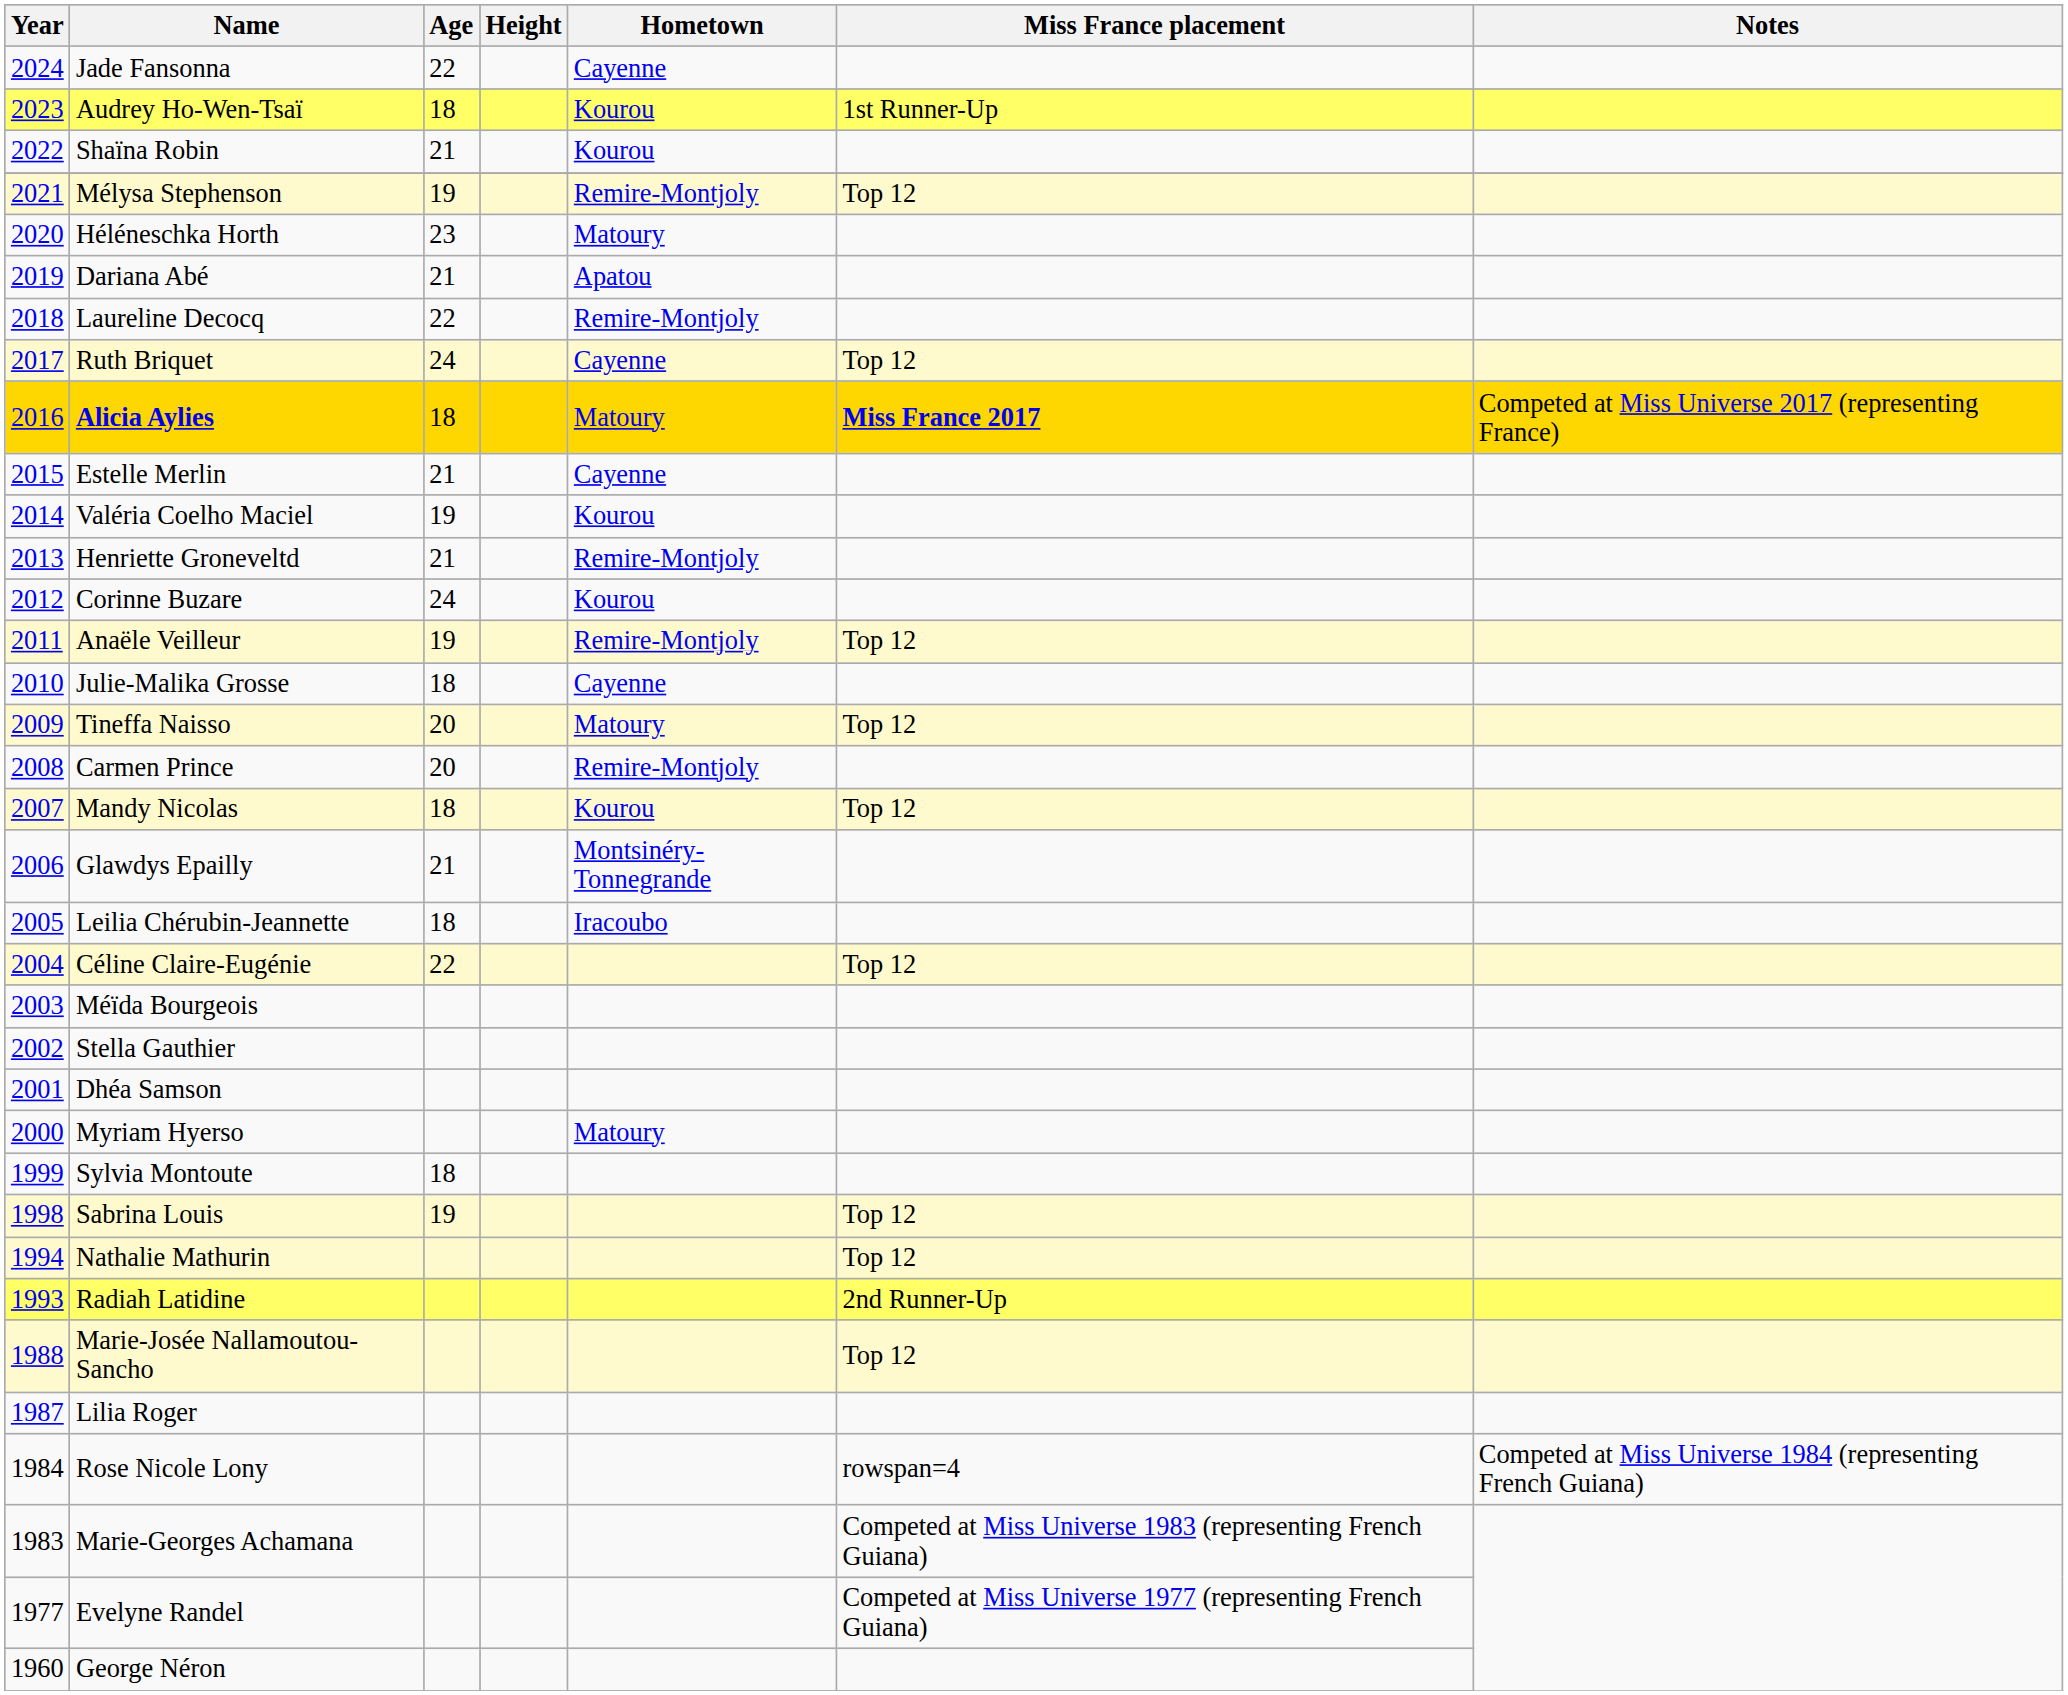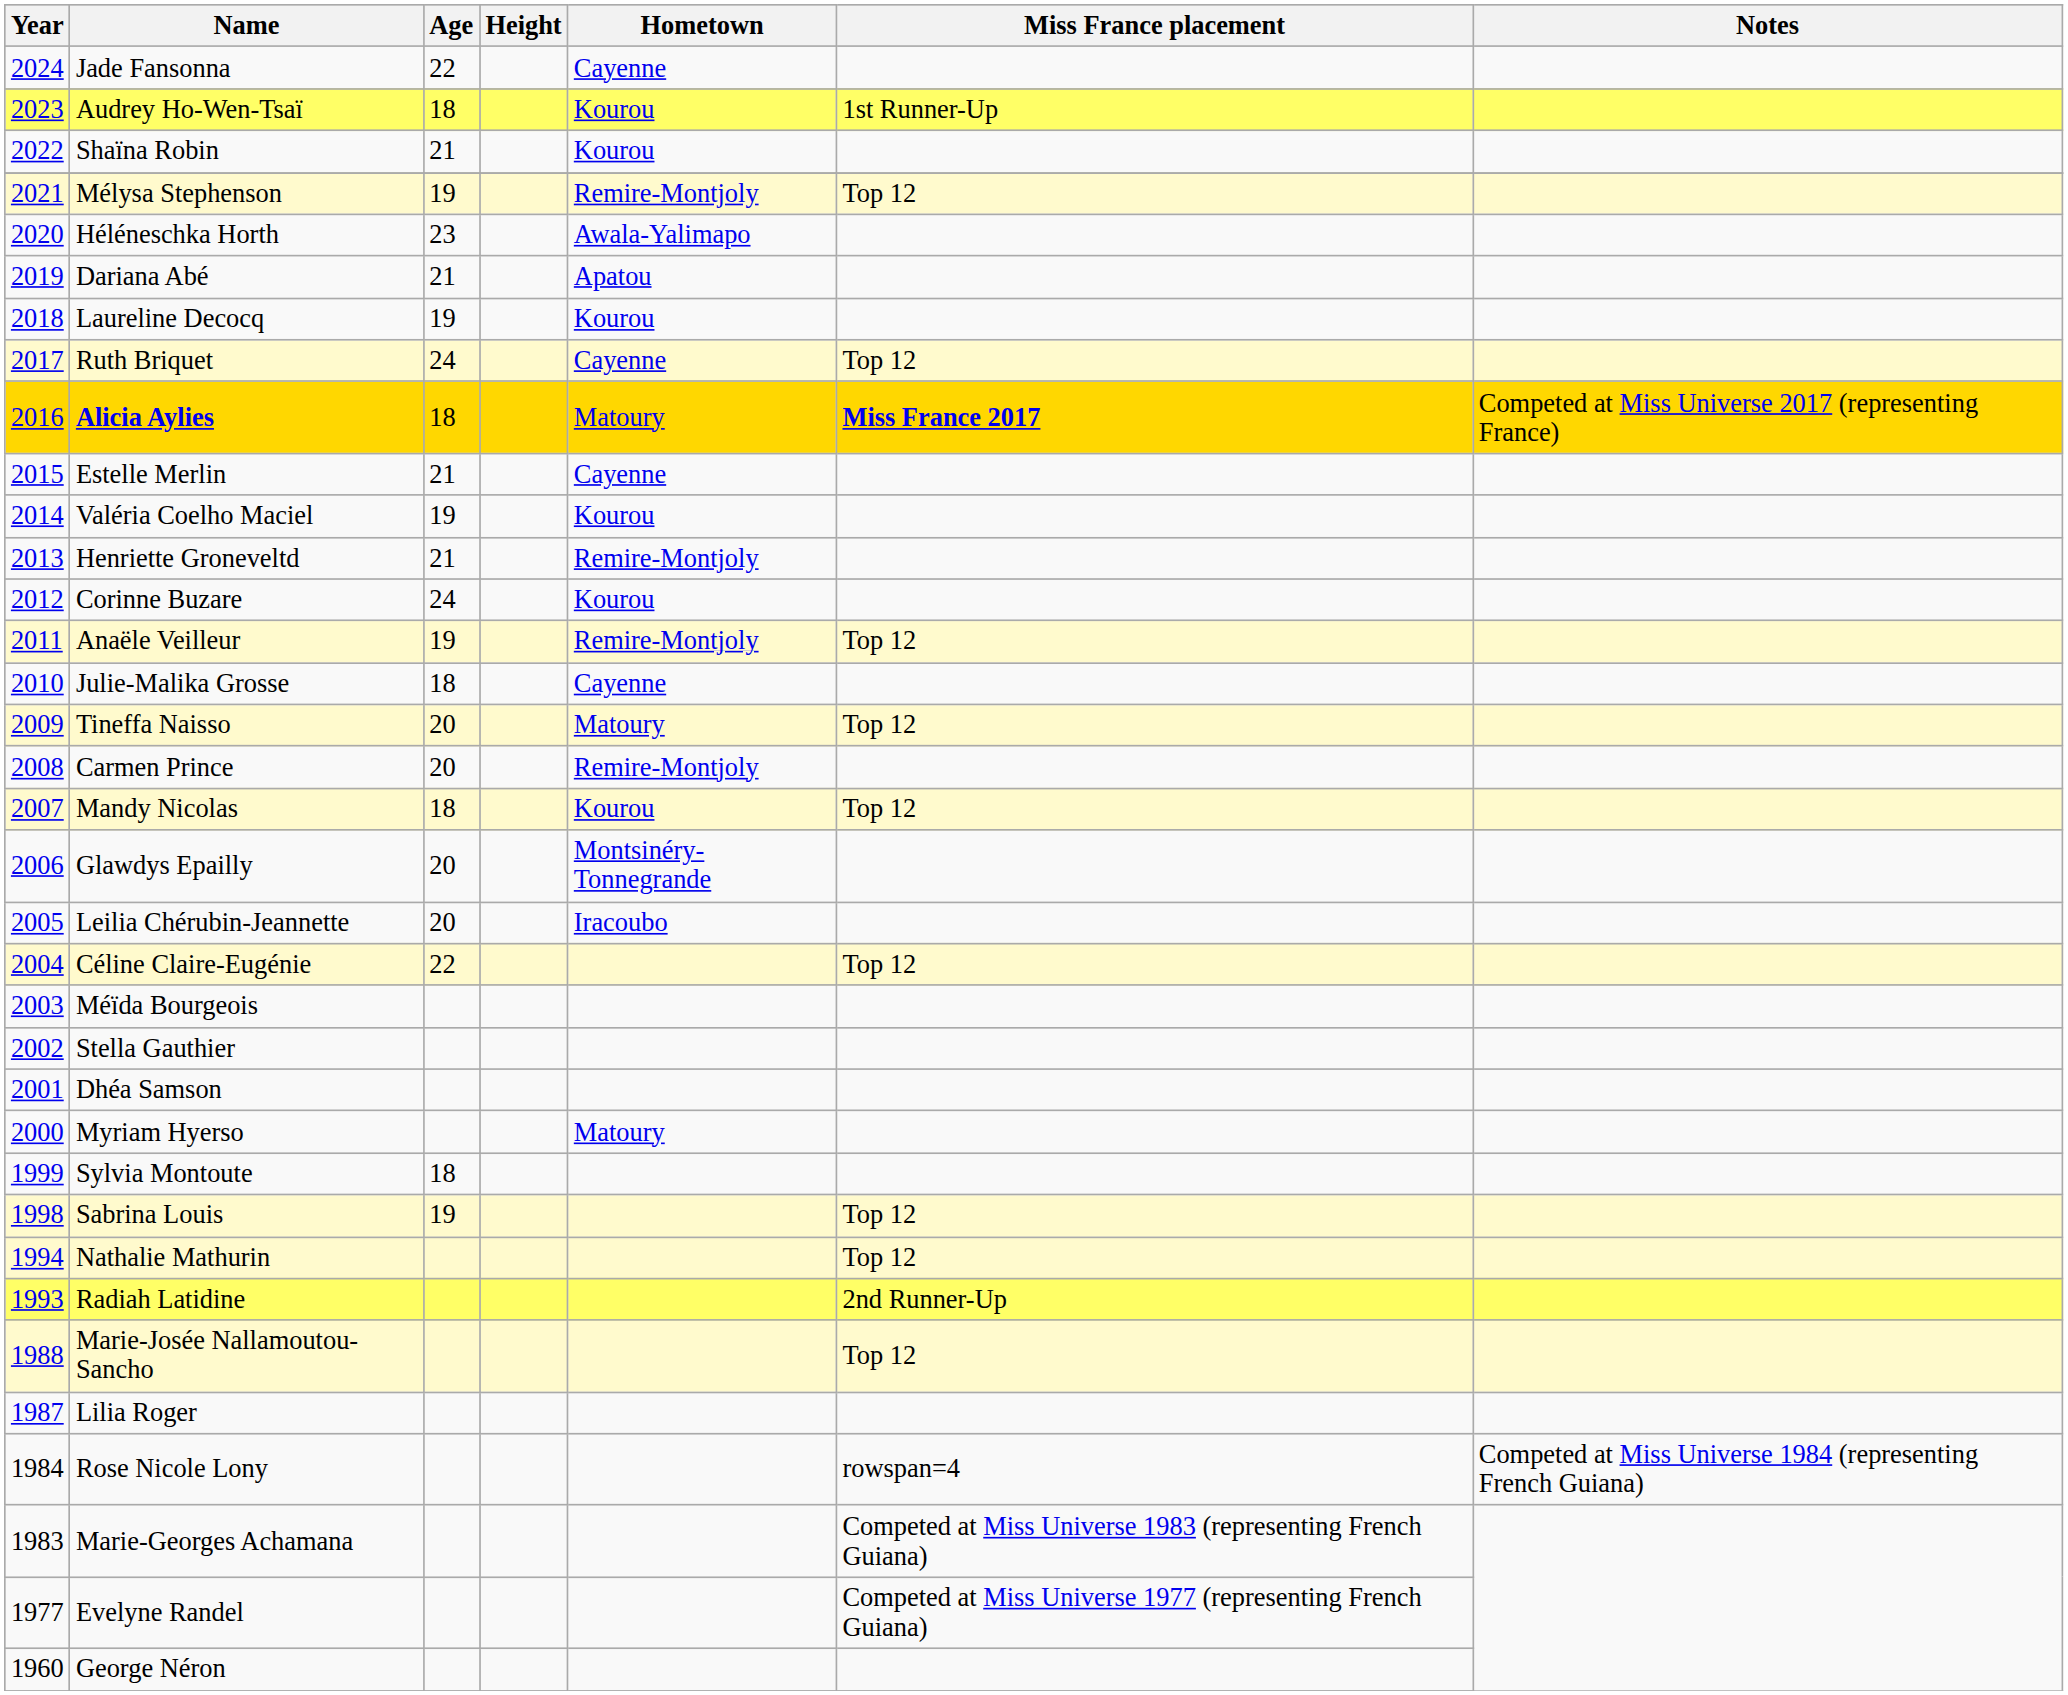 <table class="wikitable sortable">
 <tr>
 <th>Year</th>
 <th>Name</th>
 <th>Age</th>
 <th>Height</th>
 <th>Hometown</th>
 <th>Miss France placement</th>
 <th width=350>Notes</th>
 </tr>
 <tr>
 <td><a href='#'>2024</a></td>
 <td>Jade Fansonna</td>
 <td>22</td>
 <td></td>
 <td><a href='#'>Cayenne</a></td>
 <td></td>
 <td></td>
 </tr>
 <tr bgcolor=#FFFF66>
 <td><a href='#'>2023</a></td>
 <td>Audrey Ho-Wen-Tsaï</td>
 <td>18</td>
 <td></td>
 <td><a href='#'>Kourou</a></td>
 <td>1st Runner-Up</td>
 <td></td>
 </tr>
 <tr>
 <td><a href='#'>2022</a></td>
 <td>Shaïna Robin</td>
 <td>21</td>
 <td></td>
 <td><a href='#'>Kourou</a></td>
 <td></td>
 <td></td>
 </tr>
 <tr>
 </tr>
 <tr bgcolor=#FFFACD>
 <td><a href='#'>2021</a></td>
 <td>Mélysa Stephenson</td>
 <td>19</td>
 <td></td>
 <td><a href='#'>Remire-Montjoly</a></td>
 <td>Top 12</td>
 <td></td>
 </tr>
 <tr>
 <td><a href='#'>2020</a></td>
 <td>Héléneschka Horth</td>
 <td>23</td>
 <td></td>
-<td><a href='#'>Matoury</a></td>
+<td><a href='#'>Awala-Yalimapo</a></td>
 <td></td>
 <td></td>
 </tr>
 <tr>
 <td><a href='#'>2019</a></td>
 <td>Dariana Abé</td>
 <td>21</td>
 <td></td>
 <td><a href='#'>Apatou</a></td>
 <td></td>
 <td></td>
 </tr>
 <tr>
 <td><a href='#'>2018</a></td>
 <td>Laureline Decocq</td>
-<td>22</td>
+<td>19</td>
 <td></td>
-<td><a href='#'>Remire-Montjoly</a></td>
+<td><a href='#'>Kourou</a></td>
 <td></td>
 <td></td>
 </tr>
 <tr bgcolor=#FFFACD>
 <td><a href='#'>2017</a></td>
 <td>Ruth Briquet</td>
 <td>24</td>
 <td></td>
 <td><a href='#'>Cayenne</a></td>
 <td>Top 12</td>
 <td></td>
 </tr>
 <tr style="background-color:GOLD;">
 <td><a href='#'>2016</a></td>
 <td><strong><a href='#'>Alicia Aylies</a></strong></td>
 <td>18</td>
 <td></td>
 <td><a href='#'>Matoury</a></td>
 <td><strong><a href='#'>Miss France 2017</a></strong></td>
 <td>Competed at <a href='#'>Miss Universe 2017</a> (representing France)</td>
 </tr>
 <tr>
 <td><a href='#'>2015</a></td>
 <td>Estelle Merlin</td>
 <td>21</td>
 <td></td>
 <td><a href='#'>Cayenne</a></td>
 <td></td>
 <td></td>
 </tr>
 <tr>
 <td><a href='#'>2014</a></td>
 <td>Valéria Coelho Maciel</td>
 <td>19</td>
 <td></td>
 <td><a href='#'>Kourou</a></td>
 <td></td>
 <td></td>
 </tr>
 <tr>
 <td><a href='#'>2013</a></td>
 <td>Henriette Groneveltd</td>
 <td>21</td>
 <td></td>
 <td><a href='#'>Remire-Montjoly</a></td>
 <td></td>
 <td></td>
 </tr>
 <tr>
 <td><a href='#'>2012</a></td>
 <td>Corinne Buzare</td>
 <td>24</td>
 <td></td>
 <td><a href='#'>Kourou</a></td>
 <td></td>
 <td></td>
 </tr>
 <tr bgcolor=#FFFACD>
 <td><a href='#'>2011</a></td>
 <td>Anaële Veilleur</td>
 <td>19</td>
 <td></td>
 <td><a href='#'>Remire-Montjoly</a></td>
 <td>Top 12</td>
 <td></td>
 </tr>
 <tr>
 <td><a href='#'>2010</a></td>
 <td>Julie-Malika Grosse</td>
 <td>18</td>
 <td></td>
 <td><a href='#'>Cayenne</a></td>
 <td></td>
 <td></td>
 </tr>
 <tr bgcolor=#FFFACD>
 <td><a href='#'>2009</a></td>
 <td>Tineffa Naisso</td>
 <td>20</td>
 <td></td>
 <td><a href='#'>Matoury</a></td>
 <td>Top 12</td>
 <td></td>
 </tr>
 <tr>
 <td><a href='#'>2008</a></td>
 <td>Carmen Prince</td>
 <td>20</td>
 <td></td>
 <td><a href='#'>Remire-Montjoly</a></td>
 <td></td>
 <td></td>
 </tr>
 <tr bgcolor=#FFFACD>
 <td><a href='#'>2007</a></td>
 <td>Mandy Nicolas</td>
 <td>18</td>
 <td></td>
 <td><a href='#'>Kourou</a></td>
 <td>Top 12</td>
 <td></td>
 </tr>
 <tr>
 <td><a href='#'>2006</a></td>
 <td>Glawdys Epailly</td>
-<td>21</td>
+<td>20</td>
 <td></td>
 <td><a href='#'>Montsinéry-Tonnegrande</a></td>
 <td></td>
 <td></td>
 </tr>
 <tr>
 <td><a href='#'>2005</a></td>
 <td>Leilia Chérubin-Jeannette</td>
-<td>18</td>
+<td>20</td>
 <td></td>
 <td><a href='#'>Iracoubo</a></td>
 <td></td>
 <td></td>
 </tr>
 <tr bgcolor=#FFFACD>
 <td><a href='#'>2004</a></td>
 <td>Céline Claire-Eugénie</td>
 <td>22</td>
 <td></td>
 <td></td>
 <td>Top 12</td>
 <td></td>
 </tr>
 <tr>
 <td><a href='#'>2003</a></td>
 <td>Méïda Bourgeois</td>
 <td></td>
 <td></td>
 <td></td>
 <td></td>
 <td></td>
 </tr>
 <tr>
 <td><a href='#'>2002</a></td>
 <td>Stella Gauthier</td>
 <td></td>
 <td></td>
 <td></td>
 <td></td>
 <td></td>
 </tr>
 <tr>
 <td><a href='#'>2001</a></td>
 <td>Dhéa Samson</td>
 <td></td>
 <td></td>
 <td></td>
 <td></td>
 <td></td>
 </tr>
 <tr>
 <td><a href='#'>2000</a></td>
 <td>Myriam Hyerso</td>
 <td></td>
 <td></td>
 <td><a href='#'>Matoury</a></td>
 <td></td>
 <td></td>
 </tr>
 <tr>
 <td><a href='#'>1999</a></td>
 <td>Sylvia Montoute</td>
 <td>18</td>
 <td></td>
 <td></td>
 <td></td>
 <td></td>
 </tr>
 <tr bgcolor=#FFFACD>
 <td><a href='#'>1998</a></td>
 <td>Sabrina Louis</td>
 <td>19</td>
 <td></td>
 <td></td>
 <td>Top 12</td>
 <td></td>
 </tr>
 <tr bgcolor=#FFFACD>
 <td><a href='#'>1994</a></td>
 <td>Nathalie Mathurin</td>
 <td></td>
 <td></td>
 <td></td>
 <td>Top 12</td>
 <td></td>
 </tr>
 <tr bgcolor=#FFFF66>
 <td><a href='#'>1993</a></td>
 <td>Radiah Latidine</td>
 <td></td>
 <td></td>
 <td></td>
 <td>2nd Runner-Up</td>
 <td></td>
 </tr>
 <tr bgcolor=#FFFACD>
 <td><a href='#'>1988</a></td>
 <td>Marie-Josée Nallamoutou-Sancho</td>
 <td></td>
 <td></td>
 <td></td>
 <td>Top 12</td>
 <td></td>
 </tr>
 <tr>
 <td><a href='#'>1987</a></td>
 <td>Lilia Roger</td>
 <td></td>
 <td></td>
 <td></td>
 <td></td>
 <td></td>
 </tr>
 <tr>
 <td>1984</td>
 <td>Rose Nicole Lony</td>
 <td></td>
 <td></td>
 <td></td>
 <td>rowspan=4 </td>
 <td>Competed at <a href='#'>Miss Universe 1984</a> (representing French Guiana)</td>
 </tr>
 <tr>
 <td>1983</td>
 <td>Marie-Georges Achamana</td>
 <td></td>
 <td></td>
 <td></td>
 <td>Competed at <a href='#'>Miss Universe 1983</a> (representing French Guiana)</td>
 </tr>
 <tr>
 <td>1977</td>
 <td>Evelyne Randel</td>
 <td></td>
 <td></td>
 <td></td>
 <td>Competed at <a href='#'>Miss Universe 1977</a> (representing French Guiana)</td>
 </tr>
 <tr>
 <td>1960</td>
 <td>George Néron</td>
 <td></td>
 <td></td>
 <td></td>
 <td></td>
 </tr>
 <tr>
 </tr>
 </table>
